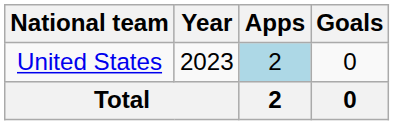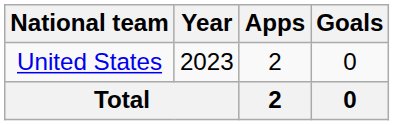 <table class="wikitable" style="text-align:center">
 <tr>
 <th>National team</th>
 <th>Year</th>
 <th>Apps</th>
 <th>Goals</th>
 </tr>
 <tr>
 <td><a href='#'>United States</a></td>
 <td>2023</td>
-<td style="background: lightblue;">2</td>
+<td>2</td>
 <td>0</td>
 </tr>
 <tr>
 <th colspan="2">Total</th>
 <th>2</th>
 <th>0</th>
 </tr>
 </table>
